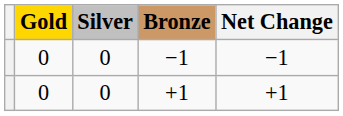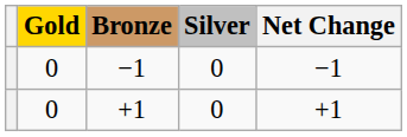 <table class="wikitable plainrowheaders sortable" style="text-align:center">
 <tr>
 <th></th>
 <th scope="col" style="background-color:gold">Gold</th>
+<th scope="col" style="background-color:#c96">Bronze</th>
 <th scope="col" style="background-color:silver">Silver</th>
-<th scope="col" style="background-color:#c96">Bronze</th>
 <th scope="col">Net Change</th>
 </tr>
 <tr>
 <th scope="row" style="text-align:left"></th>
 <td>0</td>
+<td>−1</td>
 <td>0</td>
-<td>−1</td>
 <td>−1</td>
 </tr>
 <tr>
 <th scope="row" style="text-align:left"></th>
 <td>0</td>
+<td>+1</td>
 <td>0</td>
-<td>+1</td>
 <td>+1</td>
 </tr>
 </table>
